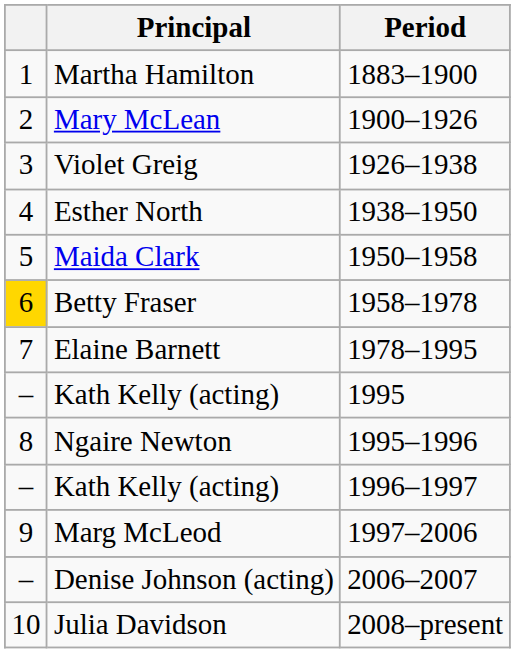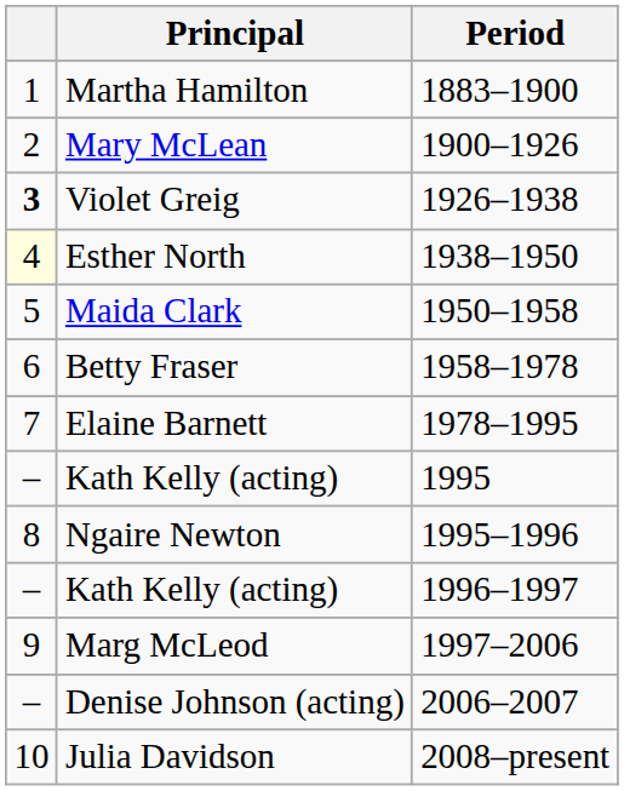 <table class="wikitable">
 <tr>
 <th></th>
 <th>Principal</th>
 <th>Period</th>
 </tr>
 <tr>
 <td align=center>1</td>
 <td>Martha Hamilton</td>
 <td>1883–1900</td>
 </tr>
 <tr>
 <td align=center>2</td>
 <td><a href='#'>Mary McLean</a></td>
 <td>1900–1926</td>
 </tr>
 <tr>
-<td align=center>3</td>
+<td align=center><strong>3</strong></td>
 <td>Violet Greig</td>
 <td>1926–1938</td>
 </tr>
 <tr>
-<td align=center>4</td>
+<td align=center style="background: lightyellow;">4</td>
 <td>Esther North</td>
 <td>1938–1950</td>
 </tr>
 <tr>
 <td align=center>5</td>
 <td><a href='#'>Maida Clark</a></td>
 <td>1950–1958</td>
 </tr>
 <tr>
-<td align=center style="background: gold;">6</td>
+<td align=center>6</td>
 <td>Betty Fraser</td>
 <td>1958–1978</td>
 </tr>
 <tr>
 <td align=center>7</td>
 <td>Elaine Barnett</td>
 <td>1978–1995</td>
 </tr>
 <tr>
 <td align=center>–</td>
 <td>Kath Kelly (acting)</td>
 <td>1995</td>
 </tr>
 <tr>
 <td align=center>8</td>
 <td>Ngaire Newton</td>
 <td>1995–1996</td>
 </tr>
 <tr>
 <td align=center>–</td>
 <td>Kath Kelly (acting)</td>
 <td>1996–1997</td>
 </tr>
 <tr>
 <td align=center>9</td>
 <td>Marg McLeod</td>
 <td>1997–2006</td>
 </tr>
 <tr>
 <td align=center>–</td>
 <td>Denise Johnson (acting)</td>
 <td>2006–2007</td>
 </tr>
 <tr>
 <td align=center>10</td>
 <td>Julia Davidson</td>
 <td>2008–present</td>
 </tr>
 </table>
